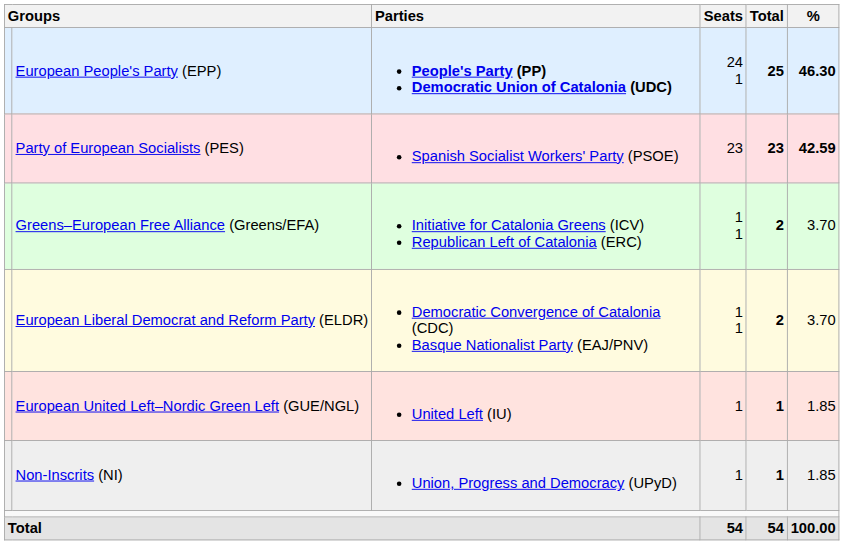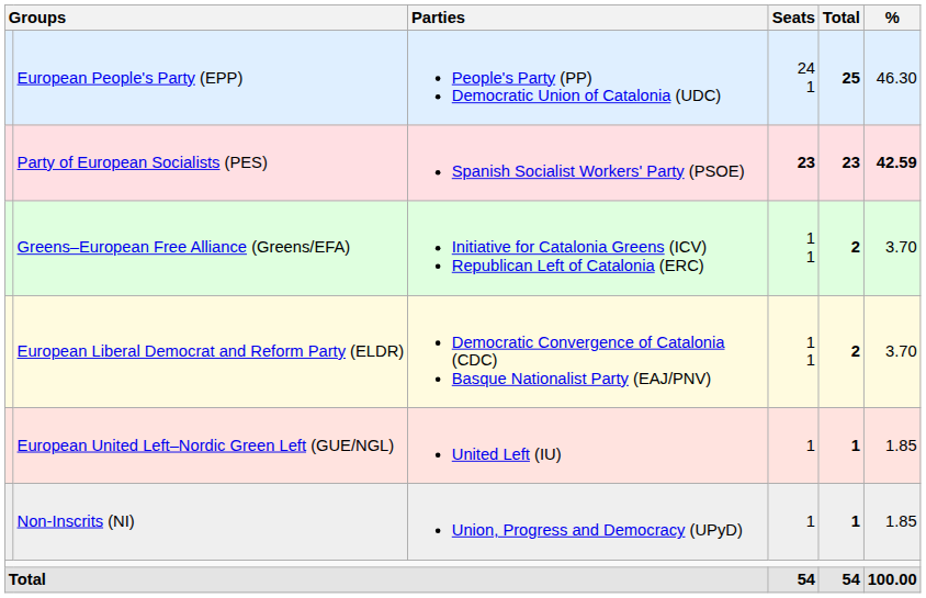 <table class="wikitable" style="text-align:right;">
 <tr>
 <th style="text-align:left;" colspan="2" width="375">Groups</th>
 <th style="text-align:left;" width="350">Parties</th>
 <th width="35">Seats</th>
 <th width="35">Total</th>
 <th width="45">%</th>
 </tr>
 <tr style="background:#DFEFFF;">
 <td width="1" style="color:inherit;background:"></td>
 <td align="left"><a href='#'>European People's Party</a> (EPP)</td>
-<td align="left"><strong><br><ul><li><a href='#'>People's Party</a> (PP)</li><li><a href='#'>Democratic Union of Catalonia</a> (UDC)</li></ul></strong></td>
+<td align="left"><br><ul><li><a href='#'>People's Party</a> (PP)</li><li><a href='#'>Democratic Union of Catalonia</a> (UDC)</li></ul></td>
 <td>24<br>1</td>
 <td><strong>25</strong></td>
-<td><strong>46.30</strong></td>
+<td>46.30</td>
 </tr>
 <tr style="background:#FFDFE3;">
 <td style="color:inherit;background:"></td>
 <td align="left"><a href='#'>Party of European Socialists</a> (PES)</td>
 <td align="left"><br><ul><li><a href='#'>Spanish Socialist Workers' Party</a> (PSOE)</li></ul></td>
-<td>23</td>
+<td><strong>23</strong></td>
 <td><strong>23</strong></td>
 <td><strong>42.59</strong></td>
 </tr>
 <tr style="background:#DFFFDF;">
 <td style="color:inherit;background:"></td>
 <td align="left"><a href='#'>Greens–European Free Alliance</a> (Greens/EFA)</td>
 <td align="left"><br><ul><li><a href='#'>Initiative for Catalonia Greens</a> (ICV)</li><li><a href='#'>Republican Left of Catalonia</a> (ERC)</li></ul></td>
 <td>1<br>1</td>
 <td><strong>2</strong></td>
 <td>3.70</td>
 </tr>
 <tr style="background:#FFFBDF;">
 <td style="color:inherit;background:"></td>
 <td align="left"><a href='#'>European Liberal Democrat and Reform Party</a> (ELDR)</td>
 <td align="left"><br><ul><li><a href='#'>Democratic Convergence of Catalonia</a> (CDC)</li><li><a href='#'>Basque Nationalist Party</a> (EAJ/PNV)</li></ul></td>
 <td>1<br>1</td>
 <td><strong>2</strong></td>
 <td>3.70</td>
 </tr>
 <tr style="background:#FFE3DF;">
 <td style="color:inherit;background:"></td>
 <td align="left"><a href='#'>European United Left–Nordic Green Left</a> (GUE/NGL)</td>
 <td align="left"><br><ul><li><a href='#'>United Left</a> (IU)</li></ul></td>
 <td>1</td>
 <td><strong>1</strong></td>
 <td>1.85</td>
 </tr>
 <tr style="background:#EFEFEF;">
 <td style="color:inherit;background:"></td>
 <td align="left"><a href='#'>Non-Inscrits</a> (NI)</td>
 <td align="left"><br><ul><li><a href='#'>Union, Progress and Democracy</a> (UPyD)</li></ul></td>
 <td>1</td>
 <td><strong>1</strong></td>
 <td>1.85</td>
 </tr>
 <tr>
 <td colspan="6"></td>
 </tr>
 <tr style="background:#E4E4E4; font-weight:bold;">
 <td align="left" colspan="3">Total</td>
 <td>54</td>
 <td>54</td>
 <td>100.00</td>
 </tr>
 </table>
